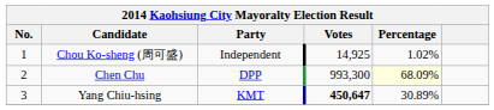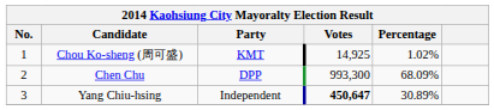 <table class="wikitable collapsible" style="margin:1em auto; text-align:center">
 <tr>
 <th colspan="7" width=620px>2014 <a href='#'>Kaohsiung City</a> Mayoralty Election Result</th>
 </tr>
 <tr>
 <th width=35>No.</th>
 <th width=180>Candidate</th>
 <th width=120>Party</th>
 <th width=75>Votes</th>
 <th width=75>Percentage</th>
 <th width=49></th>
 </tr>
 <tr>
 <td>1</td>
 <td><a href='#'>Chou Ko-sheng</a> (周可盛)</td>
-<td>Independent</td>
+<td><a href='#'>KMT</a></td>
 <td style="border-left:4px solid #000000;" align="right">14,925</td>
 <td align="right">1.02%</td>
 <td align="center"></td>
 </tr>
 <tr>
 <td>2</td>
 <td><a href='#'>Chen Chu</a></td>
 <td><a href='#'>DPP</a></td>
 <td style="border-left:4px solid #1B9431;" align="right">993,300</td>
-<td align="right" style="background: lightyellow;">68.09%</td>
+<td align="right">68.09%</td>
 <td><div></div></td>
 </tr>
 <tr>
 <td>3</td>
 <td>Yang Chiu-hsing</td>
-<td><a href='#'>KMT</a></td>
+<td>Independent</td>
 <td style="border-left:4px solid #000099;" align="right"><strong>450,647</strong></td>
 <td align="right">30.89%</td>
 <td align="center"></td>
 </tr>
 <tr bgcolor=EEEEEE>
 </tr>
 </table>
